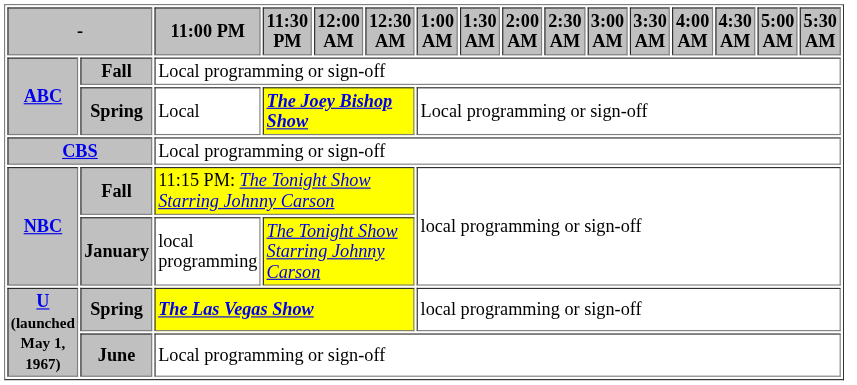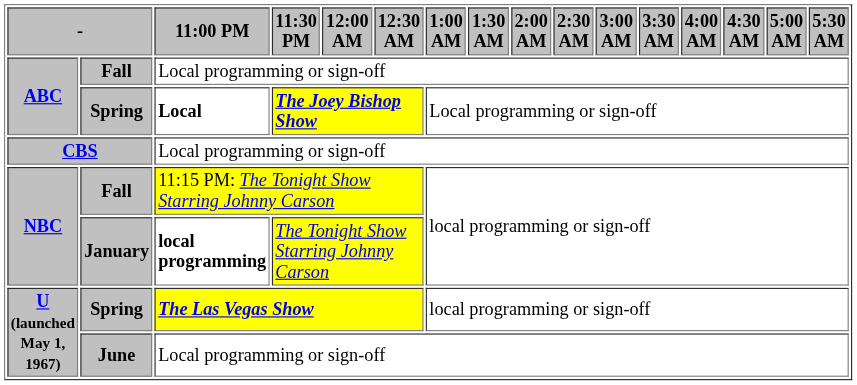 <table border="1" cellpadding="2">
 <tr>
 <th bgcolor="#C0C0C0" colspan=2>-</th>
 <th width="13%" bgcolor="#C0C0C0">11:00 PM</th>
 <th width="14%" bgcolor="#C0C0C0">11:30 PM</th>
 <th width="13%" bgcolor="#C0C0C0">12:00 AM</th>
 <th width="14%" bgcolor="#C0C0C0">12:30 AM</th>
 <th width="13%" bgcolor="#C0C0C0">1:00 AM</th>
 <th width="14%" bgcolor="#C0C0C0">1:30 AM</th>
 <th width="13%" bgcolor="#C0C0C0">2:00 AM</th>
 <th width="14%" bgcolor="#C0C0C0">2:30 AM</th>
 <th width="13%" bgcolor="#C0C0C0">3:00 AM</th>
 <th width="14%" bgcolor="#C0C0C0">3:30 AM</th>
 <th width="13%" bgcolor="#C0C0C0">4:00 AM</th>
 <th width="14%" bgcolor="#C0C0C0">4:30 AM</th>
 <th width="13%" bgcolor="#C0C0C0">5:00 AM</th>
 <th width="14%" bgcolor="#C0C0C0">5:30 AM</th>
 </tr>
 <tr>
 <th bgcolor="#C0C0C0" rowspan=2><a href='#'>ABC</a></th>
 <th bgcolor=#C0C0C0>Fall</th>
 <td bgcolor="white" colspan="14">Local programming or sign-off</td>
 </tr>
 <tr>
 <th bgcolor=#C0C0C0>Spring</th>
-<td bgcolor="white">Local</td>
+<td bgcolor="white"><strong>Local</strong></td>
 <td bgcolor="yellow" colspan="3"><strong><a href='#'><em>The Joey Bishop Show</em></a></strong></td>
 <td bgcolor="white" colspan="10">Local programming or sign-off</td>
 </tr>
 <tr>
 <th bgcolor="#C0C0C0" colspan=2><a href='#'>CBS</a></th>
 <td bgcolor="white" colspan="14">Local programming or sign-off</td>
 </tr>
 <tr>
 <th bgcolor="#C0C0C0" rowspan=2><a href='#'>NBC</a></th>
 <th bgcolor=#C0C0C0>Fall</th>
 <td bgcolor="yellow" colspan="4">11:15 PM: <em><a href='#'>The Tonight Show Starring Johnny Carson</a></em></td>
 <td bgcolor="white" colspan="10" rowspan=2>local programming or sign-off</td>
 </tr>
 <tr>
 <th bgcolor=#C0C0C0>January</th>
-<td bgcolor="white">local programming</td>
+<td bgcolor="white"><strong>local programming</strong></td>
 <td bgcolor="yellow" colspan="3"><em><a href='#'>The Tonight Show Starring Johnny Carson</a></em></td>
 </tr>
 <tr>
 <th bgcolor="#C0C0C0" rowspan=2><a href='#'>U</a> <small>(launched May 1, 1967)</small></th>
 <th bgcolor=#C0C0C0>Spring</th>
 <td bgcolor="yellow" colspan="4"><strong><em><a href='#'>The Las Vegas Show</a></em></strong></td>
 <td bgcolor="white" colspan="10">local programming or sign-off</td>
 </tr>
 <tr>
 <th bgcolor=#C0C0C0>June</th>
 <td bgcolor="white" colspan="14">Local programming or sign-off</td>
 </tr>
 </table>
